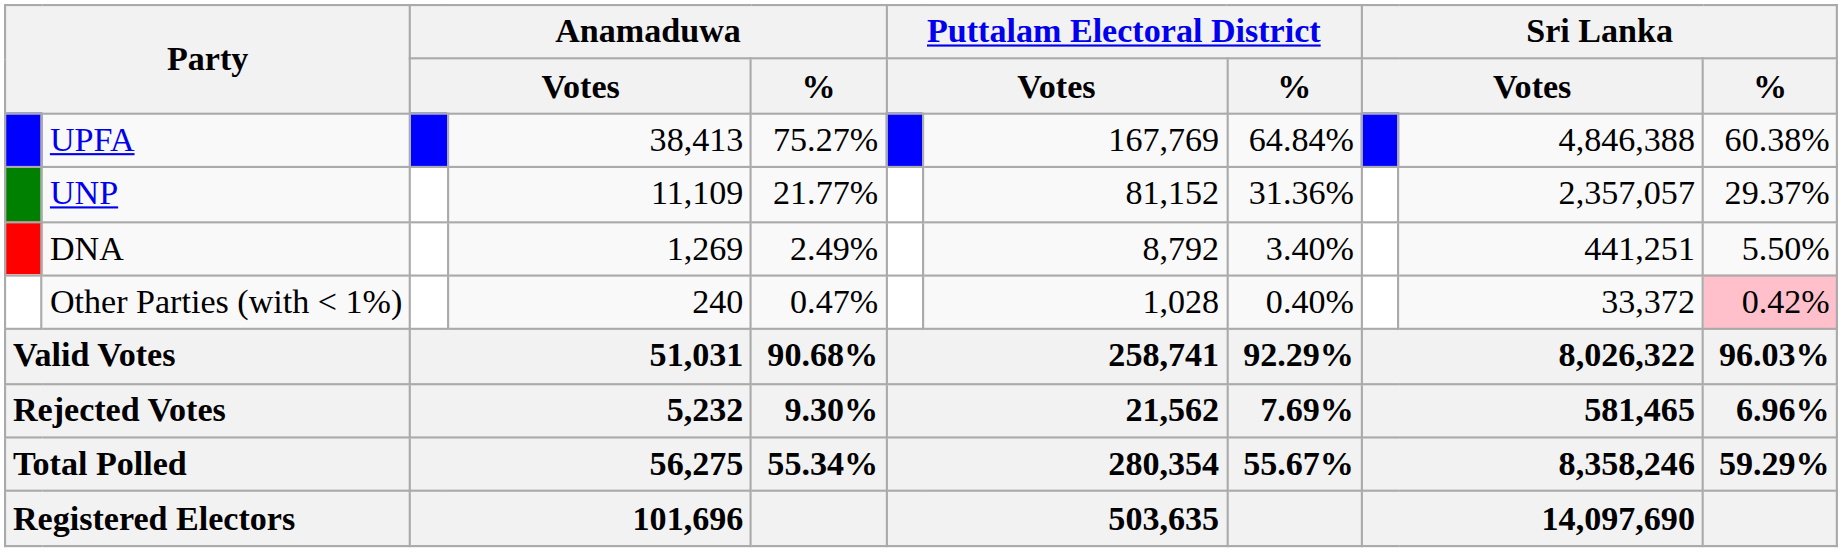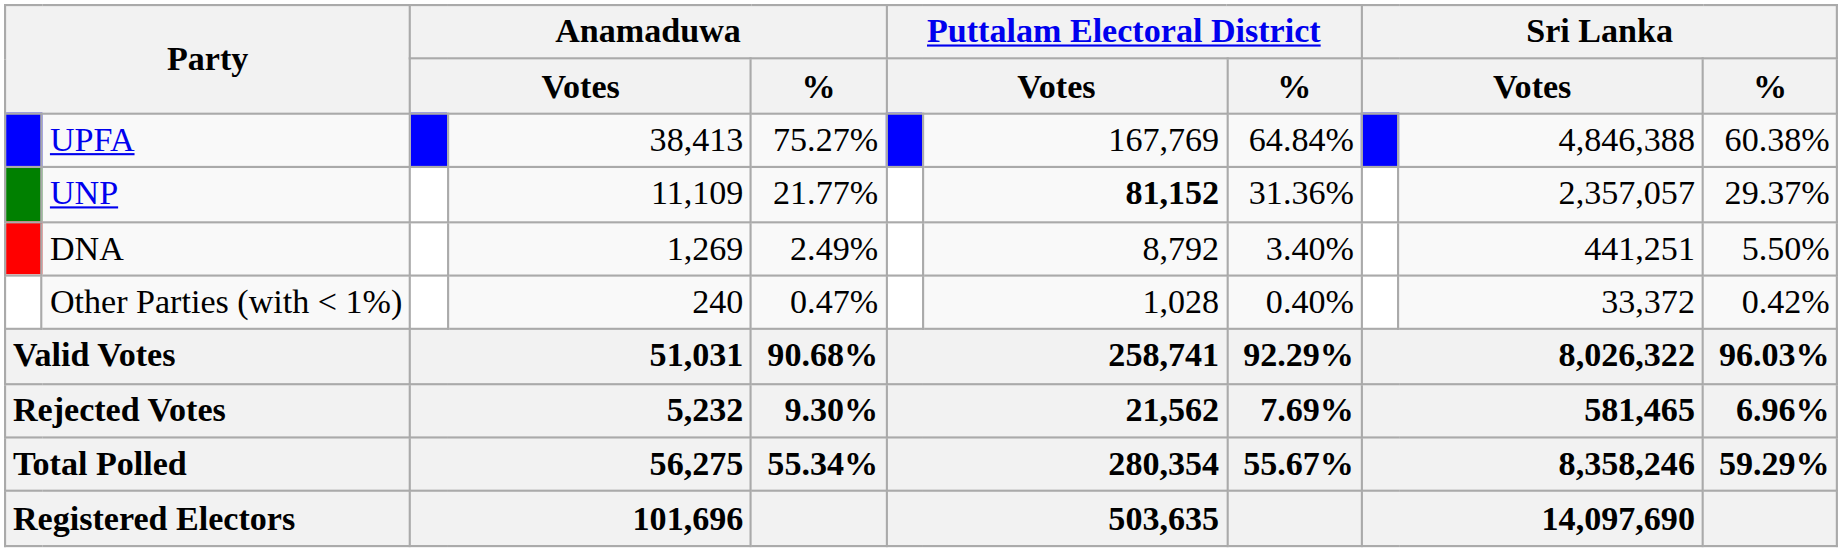 <table class="wikitable">
 <tr>
 <th colspan="2" width="144px"rowspan="2">Party</th>
 <th colspan="3" width="216px">Anamaduwa</th>
 <th colspan="3" width="216px"><a href='#'>Puttalam Electoral District</a></th>
 <th colspan="3" width="216px">Sri Lanka</th>
 </tr>
 <tr>
 <th colspan="2" width="144px">Votes</th>
 <th>%</th>
 <th colspan="2" width="144px">Votes</th>
 <th>%</th>
 <th colspan="2" width="144px">Votes</th>
 <th>%</th>
 </tr>
 <tr>
 <td style="background-color:blue;" width="10px"></td>
 <td style="text-align:left;"><a href='#'>UPFA</a></td>
 <td style="background-color:blue;" width="10px"></td>
 <td style="text-align:right;">38,413</td>
 <td style="text-align:right;">75.27%</td>
 <td style="background-color:blue;" width="10px"></td>
 <td style="text-align:right;">167,769</td>
 <td style="text-align:right;">64.84%</td>
 <td style="background-color:blue;" width="10px"></td>
 <td style="text-align:right;">4,846,388</td>
 <td style="text-align:right;">60.38%</td>
 </tr>
 <tr>
 <td style="background-color:green;" width="10px"></td>
 <td style="text-align:left;"><a href='#'>UNP</a></td>
 <td style="background-color:white;" width="10px"></td>
 <td style="text-align:right;">11,109</td>
 <td style="text-align:right;">21.77%</td>
 <td style="background-color:white;" width="10px"></td>
-<td style="text-align:right;">81,152</td>
+<td style="text-align:right;"><strong>81,152</strong></td>
 <td style="text-align:right;">31.36%</td>
 <td style="background-color:white;" width="10px"></td>
 <td style="text-align:right;">2,357,057</td>
 <td style="text-align:right;">29.37%</td>
 </tr>
 <tr>
 <td style="background-color:red;" width="10px"></td>
 <td style="text-align:left;">DNA</td>
 <td style="background-color:white;" width="10px"></td>
 <td style="text-align:right;">1,269</td>
 <td style="text-align:right;">2.49%</td>
 <td style="background-color:white;" width="10px"></td>
 <td style="text-align:right;">8,792</td>
 <td style="text-align:right;">3.40%</td>
 <td style="background-color:white;" width="10px"></td>
 <td style="text-align:right;">441,251</td>
 <td style="text-align:right;">5.50%</td>
 </tr>
 <tr>
 <td style="background-color:white;" width="10px"></td>
 <td style="text-align:left;">Other Parties (with < 1%)</td>
 <td style="background-color:white;" width="10px"></td>
 <td style="text-align:right;">240</td>
 <td style="text-align:right;">0.47%</td>
 <td style="background-color:white;" width="10px"></td>
 <td style="text-align:right;">1,028</td>
 <td style="text-align:right;">0.40%</td>
 <td style="background-color:white;" width="10px"></td>
 <td style="text-align:right;">33,372</td>
-<td style="background: pink; text-align:right;">0.42%</td>
+<td style="text-align:right;">0.42%</td>
 </tr>
 <tr>
 <th colspan="2" width="144px"style="text-align:left;">Valid Votes</th>
 <th style="text-align:right;"colspan="2" width="144px">51,031</th>
 <th style="text-align:right;">90.68%</th>
 <th style="text-align:right;"colspan="2" width="144px">258,741</th>
 <th style="text-align:right;">92.29%</th>
 <th style="text-align:right;"colspan="2" width="144px">8,026,322</th>
 <th style="text-align:right;">96.03%</th>
 </tr>
 <tr>
 <th colspan="2" width="144px"style="text-align:left;">Rejected Votes</th>
 <th style="text-align:right;"colspan="2" width="144px">5,232</th>
 <th style="text-align:right;">9.30%</th>
 <th style="text-align:right;"colspan="2" width="144px">21,562</th>
 <th style="text-align:right;">7.69%</th>
 <th style="text-align:right;"colspan="2" width="144px">581,465</th>
 <th style="text-align:right;">6.96%</th>
 </tr>
 <tr>
 <th colspan="2" width="144px"style="text-align:left;">Total Polled</th>
 <th style="text-align:right;"colspan="2" width="144px">56,275</th>
 <th style="text-align:right;">55.34%</th>
 <th style="text-align:right;"colspan="2" width="144px">280,354</th>
 <th style="text-align:right;">55.67%</th>
 <th style="text-align:right;"colspan="2" width="144px">8,358,246</th>
 <th style="text-align:right;">59.29%</th>
 </tr>
 <tr>
 <th colspan="2" width="144px"style="text-align:left;">Registered Electors</th>
 <th style="text-align:right;"colspan="2" width="144px">101,696</th>
 <th></th>
 <th style="text-align:right;"colspan="2" width="144px">503,635</th>
 <th></th>
 <th style="text-align:right;"colspan="2" width="144px">14,097,690</th>
 <th></th>
 </tr>
 </table>
